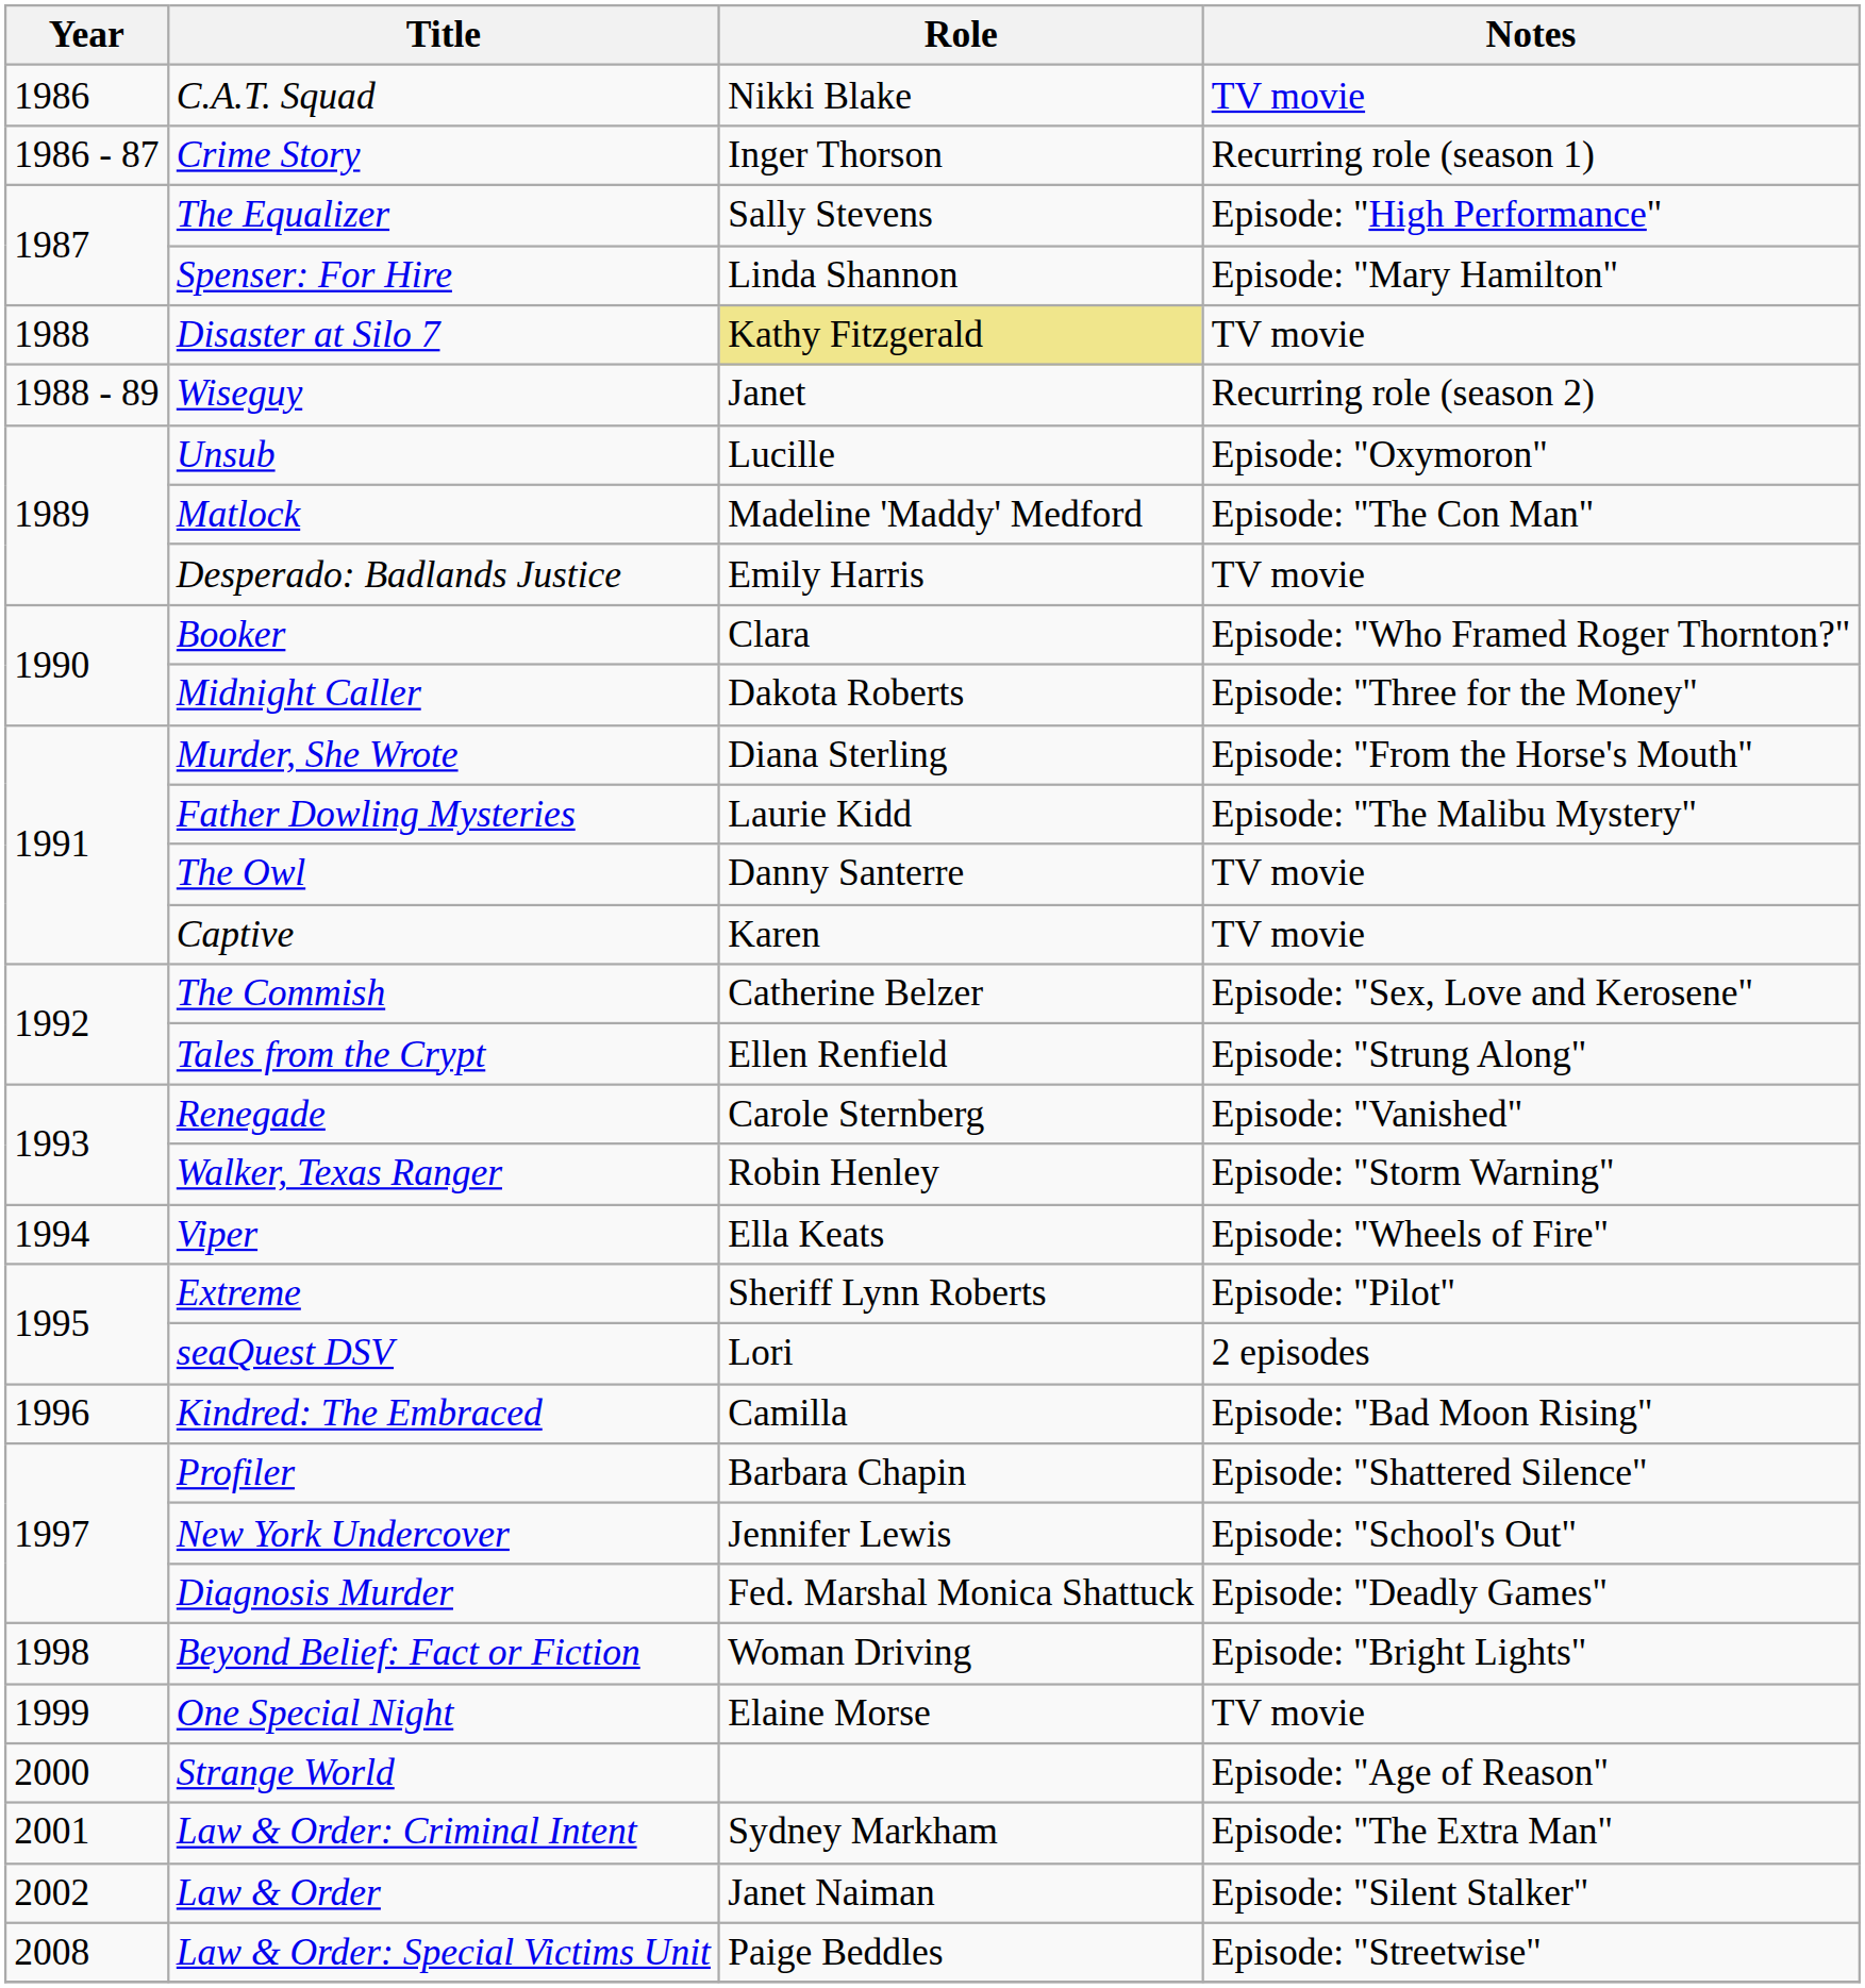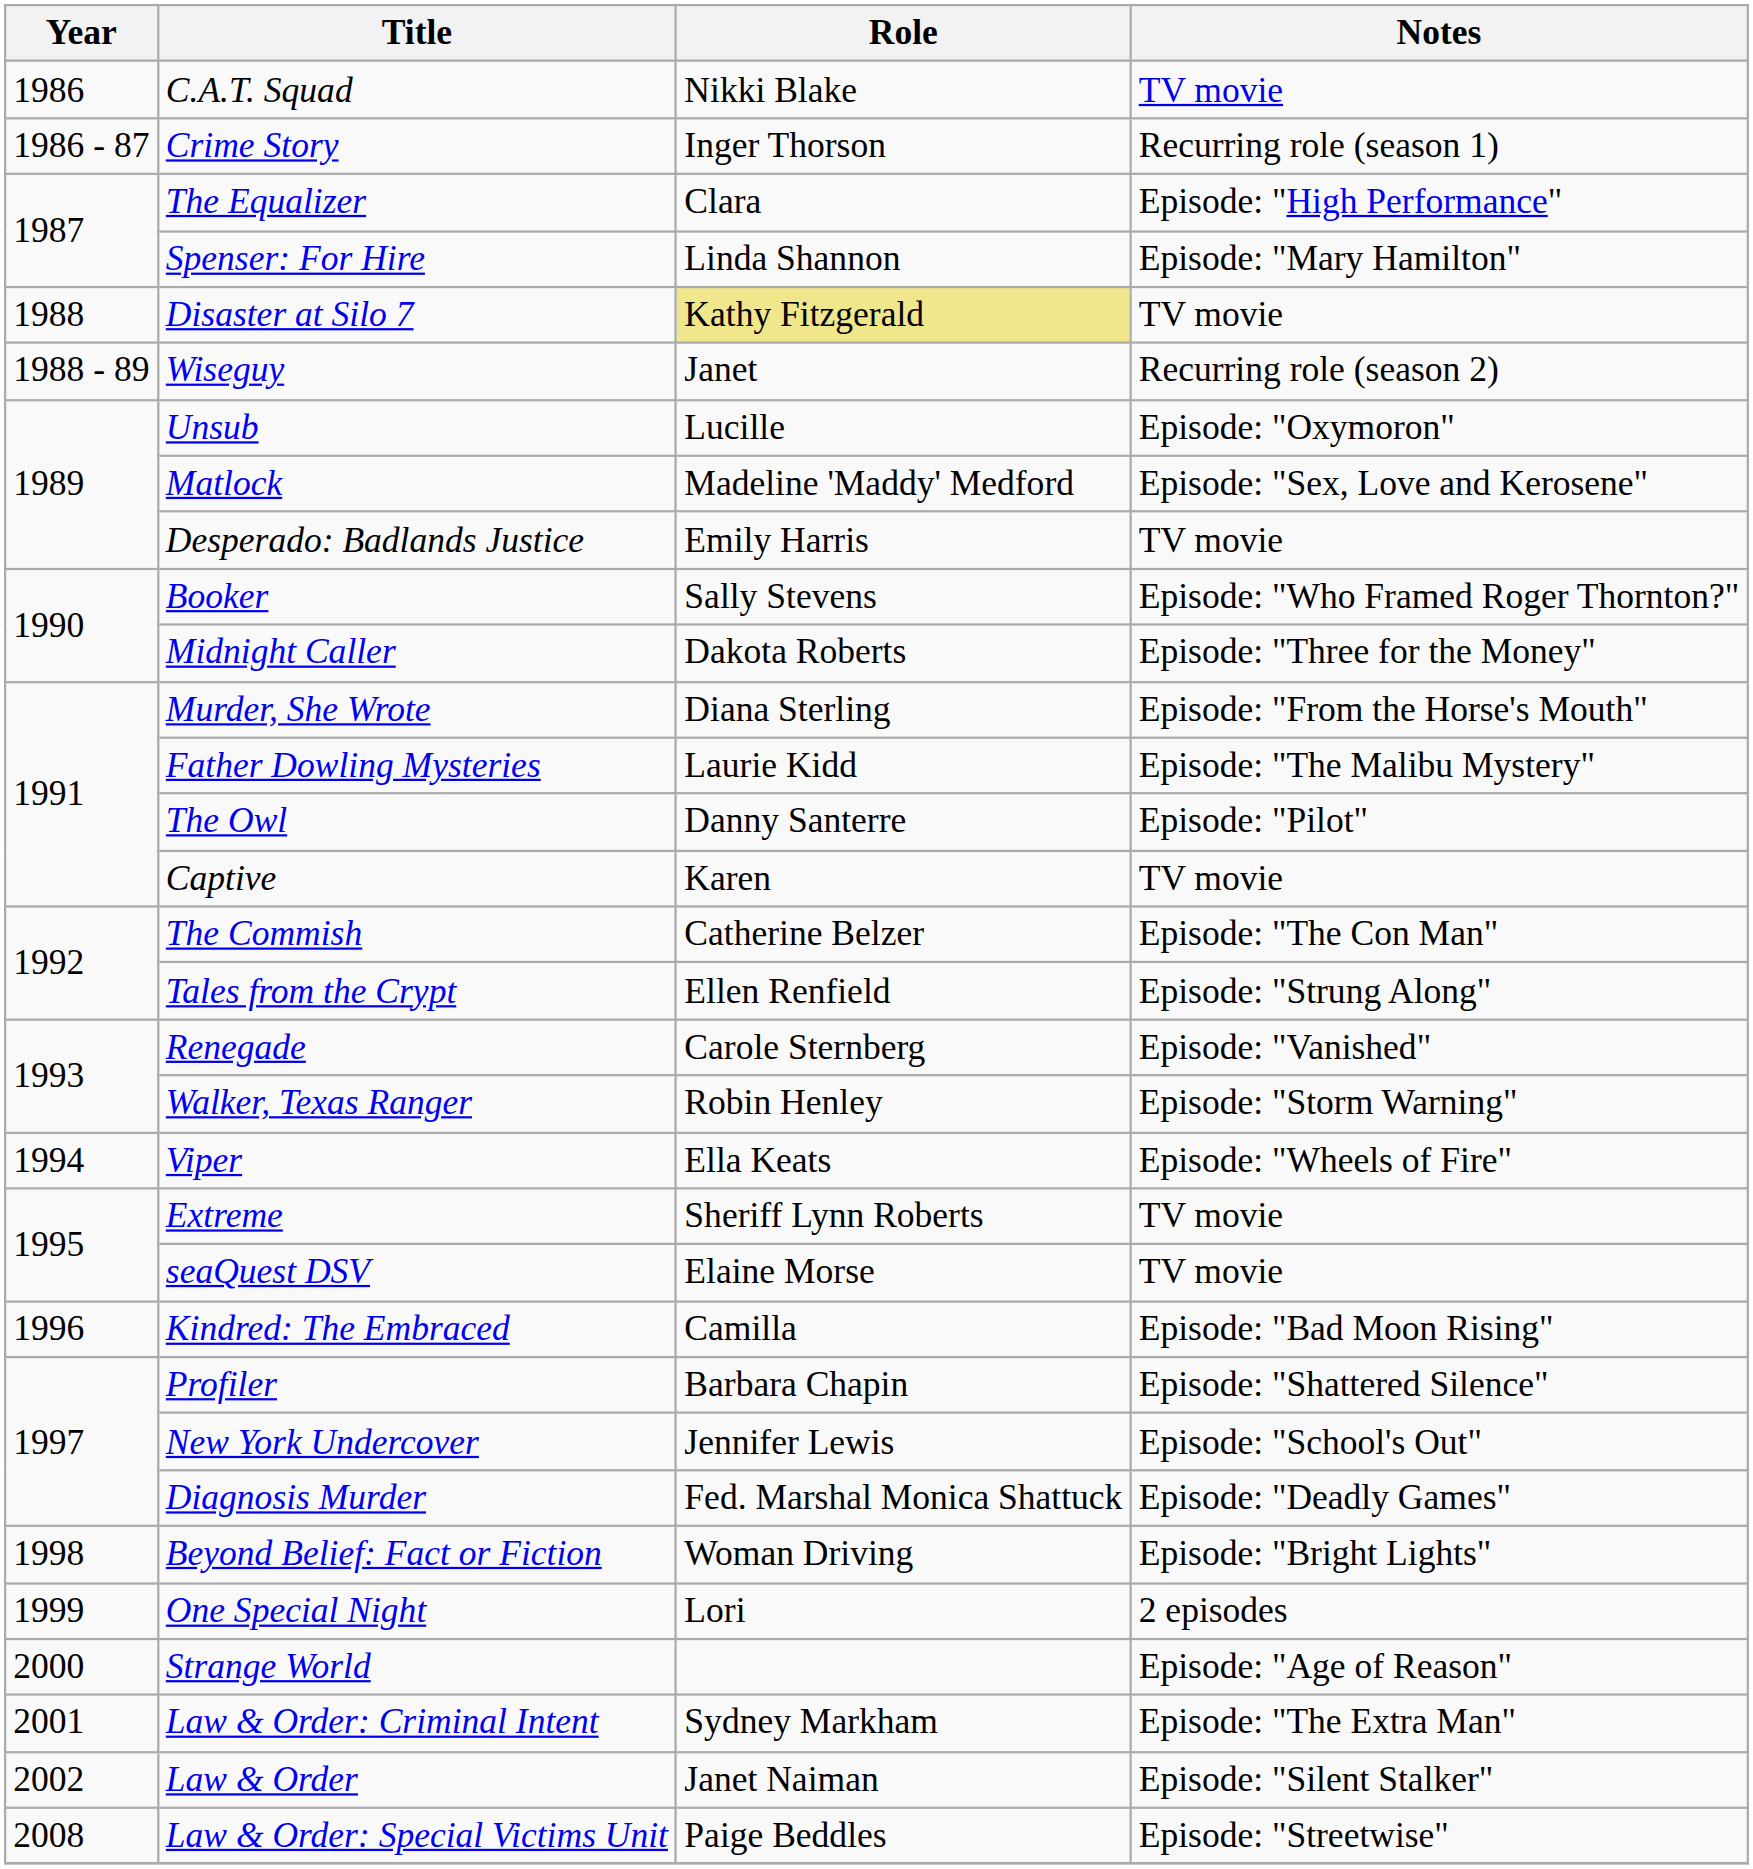 <table class="wikitable sortable">
 <tr>
 <th>Year</th>
 <th>Title</th>
 <th>Role</th>
 <th class="unsortable">Notes</th>
 </tr>
 <tr>
 <td>1986</td>
 <td><em>C.A.T. Squad</em></td>
 <td>Nikki Blake</td>
 <td><a href='#'>TV movie</a></td>
 </tr>
 <tr>
 <td>1986 - 87</td>
 <td><em><a href='#'>Crime Story</a></em></td>
 <td>Inger Thorson</td>
 <td>Recurring role (season 1)</td>
 </tr>
 <tr>
 <td rowspan="2">1987</td>
 <td><em><a href='#'>The Equalizer</a></em></td>
-<td>Sally Stevens</td>
+<td>Clara</td>
 <td>Episode: "<a href='#'>High Performance</a>"</td>
 </tr>
 <tr>
 <td><em><a href='#'>Spenser: For Hire</a></em></td>
 <td>Linda Shannon</td>
 <td>Episode: "Mary Hamilton"</td>
 </tr>
 <tr>
 <td>1988</td>
 <td><em><a href='#'>Disaster at Silo 7</a></em></td>
 <td style="background: khaki;">Kathy Fitzgerald</td>
 <td>TV movie</td>
 </tr>
 <tr>
 <td>1988 - 89</td>
 <td><em><a href='#'>Wiseguy</a></em></td>
 <td>Janet</td>
 <td>Recurring role (season 2)</td>
 </tr>
 <tr>
 <td rowspan="3">1989</td>
 <td><em><a href='#'>Unsub</a></em></td>
 <td>Lucille</td>
 <td>Episode: "Oxymoron"</td>
 </tr>
 <tr>
 <td><em><a href='#'>Matlock</a></em></td>
 <td>Madeline 'Maddy' Medford</td>
-<td>Episode: "The Con Man"</td>
+<td>Episode: "Sex, Love and Kerosene"</td>
 </tr>
 <tr>
 <td><em>Desperado: Badlands Justice</em></td>
 <td>Emily Harris</td>
 <td>TV movie</td>
 </tr>
 <tr>
 <td rowspan="2">1990</td>
 <td><em><a href='#'>Booker</a></em></td>
-<td>Clara</td>
+<td>Sally Stevens</td>
 <td>Episode: "Who Framed Roger Thornton?"</td>
 </tr>
 <tr>
 <td><em><a href='#'>Midnight Caller</a></em></td>
 <td>Dakota Roberts</td>
 <td>Episode: "Three for the Money"</td>
 </tr>
 <tr>
 <td rowspan="4">1991</td>
 <td><em><a href='#'>Murder, She Wrote</a></em></td>
 <td>Diana Sterling</td>
 <td>Episode: "From the Horse's Mouth"</td>
 </tr>
 <tr>
 <td><em><a href='#'>Father Dowling Mysteries</a></em></td>
 <td>Laurie Kidd</td>
 <td>Episode: "The Malibu Mystery"</td>
 </tr>
 <tr>
 <td><em><a href='#'>The Owl</a></em></td>
 <td>Danny Santerre</td>
-<td>TV movie</td>
+<td>Episode: "Pilot"</td>
 </tr>
 <tr>
 <td><em>Captive</em></td>
 <td>Karen</td>
 <td>TV movie</td>
 </tr>
 <tr>
 <td rowspan="2">1992</td>
 <td><em><a href='#'>The Commish</a></em></td>
 <td>Catherine Belzer</td>
-<td>Episode: "Sex, Love and Kerosene"</td>
+<td>Episode: "The Con Man"</td>
 </tr>
 <tr>
 <td><em><a href='#'>Tales from the Crypt</a></em></td>
 <td>Ellen Renfield</td>
 <td>Episode: "Strung Along"</td>
 </tr>
 <tr>
 <td rowspan="2">1993</td>
 <td><em><a href='#'>Renegade</a></em></td>
 <td>Carole Sternberg</td>
 <td>Episode: "Vanished"</td>
 </tr>
 <tr>
 <td><em><a href='#'>Walker, Texas Ranger</a></em></td>
 <td>Robin Henley</td>
 <td>Episode: "Storm Warning"</td>
 </tr>
 <tr>
 <td>1994</td>
 <td><em><a href='#'>Viper</a></em></td>
 <td>Ella Keats</td>
 <td>Episode: "Wheels of Fire"</td>
 </tr>
 <tr>
 <td rowspan="2">1995</td>
 <td><em><a href='#'>Extreme</a></em></td>
 <td>Sheriff Lynn Roberts</td>
-<td>Episode: "Pilot"</td>
+<td>TV movie</td>
 </tr>
 <tr>
 <td><em><a href='#'>seaQuest DSV</a></em></td>
-<td>Lori</td>
-<td>2 episodes</td>
+<td>Elaine Morse</td>
+<td>TV movie</td>
 </tr>
 <tr>
 <td>1996</td>
 <td><em><a href='#'>Kindred: The Embraced</a></em></td>
 <td>Camilla</td>
 <td>Episode: "Bad Moon Rising"</td>
 </tr>
 <tr>
 <td rowspan="3">1997</td>
 <td><em><a href='#'>Profiler</a></em></td>
 <td>Barbara Chapin</td>
 <td>Episode: "Shattered Silence"</td>
 </tr>
 <tr>
 <td><em><a href='#'>New York Undercover</a></em></td>
 <td>Jennifer Lewis</td>
 <td>Episode: "School's Out"</td>
 </tr>
 <tr>
 <td><em><a href='#'>Diagnosis Murder</a></em></td>
 <td>Fed. Marshal Monica Shattuck</td>
 <td>Episode: "Deadly Games"</td>
 </tr>
 <tr>
 <td>1998</td>
 <td><em><a href='#'>Beyond Belief: Fact or Fiction</a></em></td>
 <td>Woman Driving</td>
 <td>Episode: "Bright Lights"</td>
 </tr>
 <tr>
 <td>1999</td>
 <td><em><a href='#'>One Special Night</a></em></td>
-<td>Elaine Morse</td>
-<td>TV movie</td>
+<td>Lori</td>
+<td>2 episodes</td>
 </tr>
 <tr>
 <td>2000</td>
 <td><em><a href='#'>Strange World</a></em></td>
 <td></td>
 <td>Episode: "Age of Reason"</td>
 </tr>
 <tr>
 <td>2001</td>
 <td><em><a href='#'>Law & Order: Criminal Intent</a></em></td>
 <td>Sydney Markham</td>
 <td>Episode: "The Extra Man"</td>
 </tr>
 <tr>
 <td>2002</td>
 <td><em><a href='#'>Law & Order</a></em></td>
 <td>Janet Naiman</td>
 <td>Episode: "Silent Stalker"</td>
 </tr>
 <tr>
 <td>2008</td>
 <td><em><a href='#'>Law & Order: Special Victims Unit</a></em></td>
 <td>Paige Beddles</td>
 <td>Episode: "Streetwise"</td>
 </tr>
 <tr>
 </tr>
 </table>
